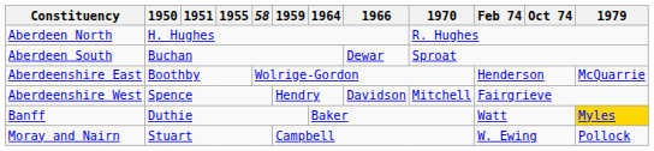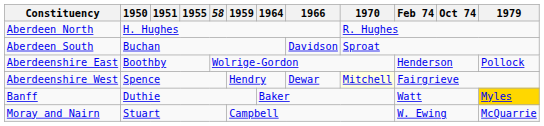 <table class="wikitable">
 <tr>
 <th>Constituency</th>
 <th>1950</th>
 <th>1951</th>
 <th>1955</th>
 <th><em>58</em></th>
 <th>1959</th>
 <th>1964</th>
 <th>1966</th>
 <th>1970</th>
 <th>Feb 74</th>
 <th>Oct 74</th>
 <th>1979</th>
 </tr>
 <tr>
 <td><a href='#'>Aberdeen North</a></td>
 <td colspan="7"><a href='#'>H. Hughes</a></td>
 <td colspan="4"><a href='#'>R. Hughes</a></td>
 </tr>
 <tr>
 <td><a href='#'>Aberdeen South</a></td>
 <td colspan="6"><a href='#'>Buchan</a></td>
-<td><a href='#'>Dewar</a></td>
+<td><a href='#'>Davidson</a></td>
 <td colspan="4"><a href='#'>Sproat</a></td>
 </tr>
 <tr>
 <td><a href='#'>Aberdeenshire East</a></td>
 <td colspan="3"><a href='#'>Boothby</a></td>
 <td colspan="5"><a href='#'>Wolrige-Gordon</a></td>
 <td colspan="2"><a href='#'>Henderson</a></td>
-<td><a href='#'>McQuarrie</a></td>
+<td><a href='#'>Pollock</a></td>
 </tr>
 <tr>
 <td><a href='#'>Aberdeenshire West</a></td>
 <td colspan="4"><a href='#'>Spence</a></td>
 <td colspan="2"><a href='#'>Hendry</a></td>
-<td><a href='#'>Davidson</a></td>
-<td><a href='#'>Mitchell</a></td>
+<td><a href='#'>Dewar</a></td>
+<td style="background: lightyellow;"><a href='#'>Mitchell</a></td>
 <td colspan="3"><a href='#'>Fairgrieve</a></td>
 </tr>
 <tr>
 <td><a href='#'>Banff</a></td>
 <td colspan="5"><a href='#'>Duthie</a></td>
 <td colspan="3"><a href='#'>Baker</a></td>
 <td colspan="2"><a href='#'>Watt</a></td>
 <td style="background: gold;"><a href='#'>Myles</a></td>
 </tr>
 <tr>
 <td><a href='#'>Moray and Nairn</a></td>
 <td colspan="4"><a href='#'>Stuart</a></td>
 <td colspan="4"><a href='#'>Campbell</a></td>
 <td colspan="2"><a href='#'>W. Ewing</a></td>
-<td><a href='#'>Pollock</a></td>
+<td><a href='#'>McQuarrie</a></td>
 </tr>
 </table>
